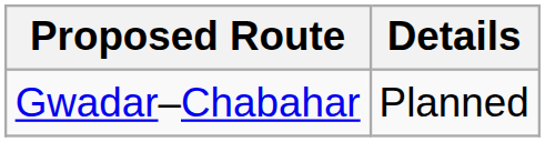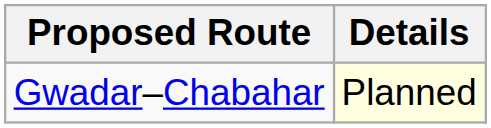 <table class="wikitable">
 <tr>
 <th>Proposed Route</th>
 <th>Details</th>
 </tr>
 <tr>
 <td><a href='#'>Gwadar</a>–<a href='#'>Chabahar</a></td>
-<td>Planned</td>
+<td style="background: lightyellow;">Planned</td>
 </tr>
 </table>
